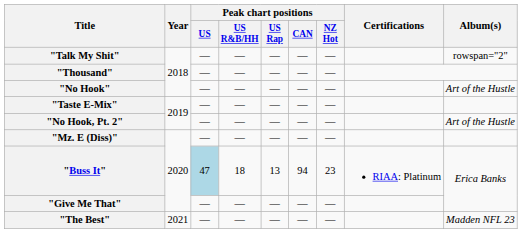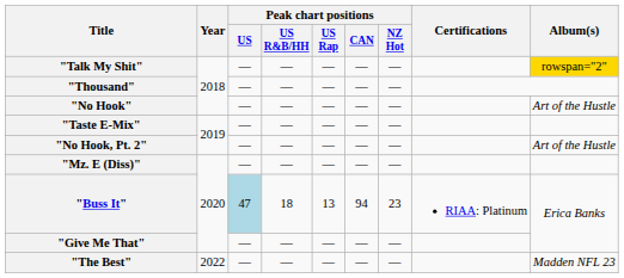 <table class="wikitable plainrowheaders" style="text-align:center;">
 <tr>
 <th scope="col" rowspan="2" style="width:15em;">Title</th>
 <th scope="col" rowspan="2">Year</th>
 <th scope="col" colspan="5">Peak chart positions</th>
 <th scope-"col" rowspan=2>Certifications</th>
 <th scope="col" rowspan="2">Album(s)</th>
 </tr>
 <tr>
 <th scope="col" style="width:2.5em;font-size:90%;"><a href='#'>US</a><br></th>
 <th scope="col" style="width:2.5em;font-size:90%;"><a href='#'>US<br>R&B/HH</a><br></th>
 <th scope="col" style="width:2.5em;font-size:90%;"><a href='#'>US<br>Rap</a><br></th>
 <th scope="col" style="width:2.5em;font-size:90%;"><a href='#'>CAN</a><br></th>
 <th scope="col" style="width:2.5em;font-size:90%;"><a href='#'>NZ<br>Hot</a><br></th>
 </tr>
 <tr>
 <th scope="row">"Talk My Shit"</th>
 <td rowspan="3">2018</td>
 <td>—</td>
 <td>—</td>
 <td>—</td>
 <td>—</td>
 <td>—</td>
 <td></td>
-<td>rowspan="2" </td>
+<td style="background: gold;">rowspan="2" </td>
 </tr>
 <tr>
 <th scope="row">"Thousand"</th>
 <td>—</td>
 <td>—</td>
 <td>—</td>
 <td>—</td>
 <td>—</td>
 </tr>
 <tr>
 <th scope="row">"No Hook"</th>
 <td>—</td>
 <td>—</td>
 <td>—</td>
 <td>—</td>
 <td>—</td>
 <td></td>
 <td><em>Art of the Hustle</em></td>
 </tr>
 <tr>
 <th scope="row">"Taste E-Mix"</th>
 <td rowspan="2">2019</td>
 <td>—</td>
 <td>—</td>
 <td>—</td>
 <td>—</td>
 <td>—</td>
 <td></td>
 <td></td>
 </tr>
 <tr>
 <th scope="row">"No Hook, Pt. 2"</th>
 <td>—</td>
 <td>—</td>
 <td>—</td>
 <td>—</td>
 <td>—</td>
 <td></td>
 <td><em>Art of the Hustle</em></td>
 </tr>
 <tr>
 <th scope="row">"Mz. E (Diss)"</th>
 <td rowspan="3">2020</td>
 <td>—</td>
 <td>—</td>
 <td>—</td>
 <td>—</td>
 <td>—</td>
 <td></td>
 <td></td>
 </tr>
 <tr>
 <th scope="row">"<a href='#'>Buss It</a>" <br></th>
 <td style="background: lightblue;">47</td>
 <td>18</td>
 <td>13</td>
 <td>94</td>
 <td>23</td>
 <td><br><ul><li><a href='#'>RIAA</a>: Platinum</li></ul></td>
 <td rowspan="2"><em>Erica Banks</em></td>
 </tr>
 <tr>
 <th scope="row">"Give Me That"</th>
 <td>—</td>
 <td>—</td>
 <td>—</td>
 <td>—</td>
 <td>—</td>
 <td></td>
 </tr>
 <tr>
 <th scope="row">"The Best" <br></th>
-<td>2021</td>
+<td>2022</td>
 <td>—</td>
 <td>—</td>
 <td>—</td>
 <td>—</td>
 <td>—</td>
 <td></td>
 <td><em>Madden NFL 23</em></td>
 </tr>
 </table>
